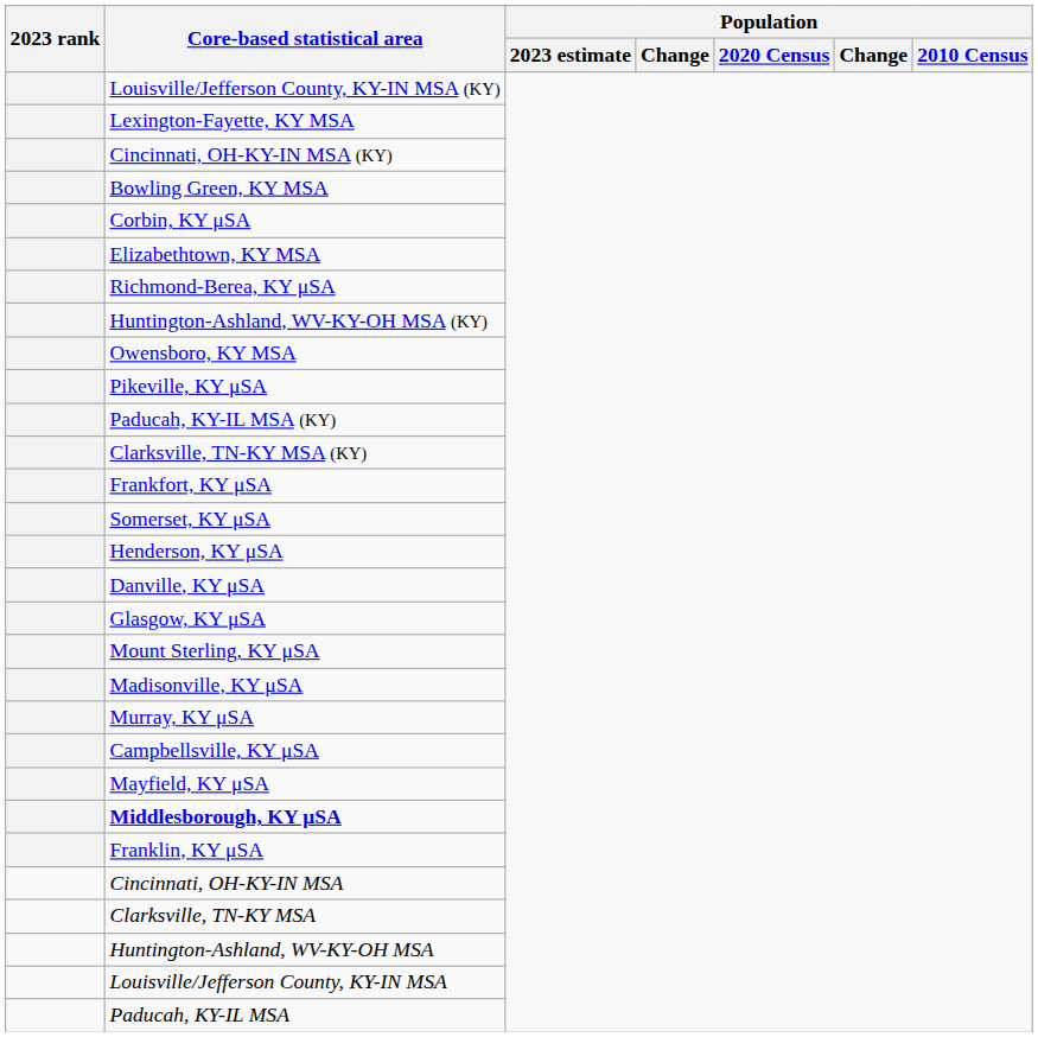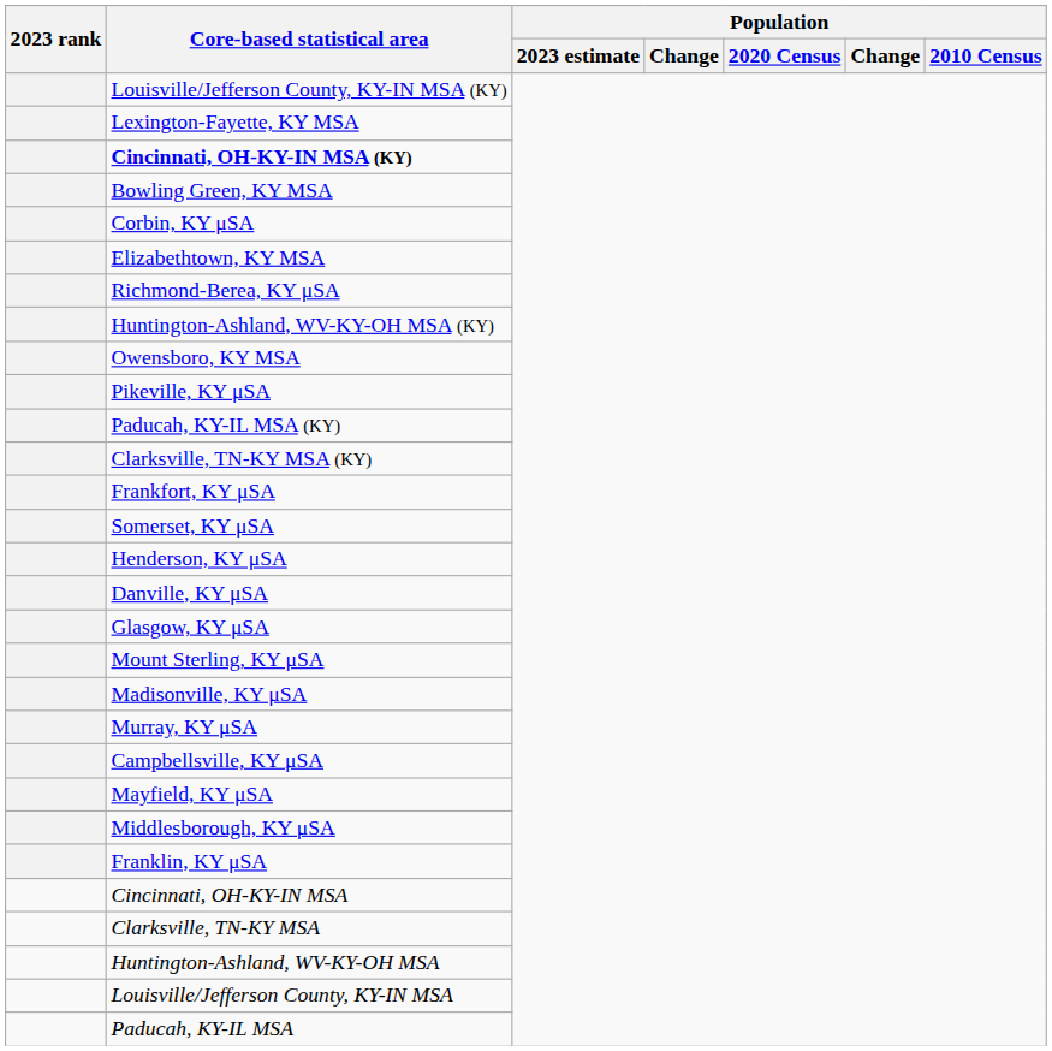 <table class="wikitable sortable">
 <tr>
 <th scope=col rowspan=2>2023 rank</th>
 <th scope=col rowspan=2><a href='#'>Core-based statistical area</a></th>
 <th colspan=5>Population</th>
 </tr>
 <tr>
 <th scope=col>2023 estimate</th>
 <th scope=col>Change</th>
 <th scope=col><a href='#'>2020 Census</a></th>
 <th scope=col>Change</th>
 <th scope=col><a href='#'>2010 Census</a></th>
 </tr>
 <tr>
 <th scope=row></th>
 <td><a href='#'>Louisville/Jefferson County, KY-IN MSA</a> <small>(KY)</small><br></td>
 </tr>
 <tr>
 <th scope=row></th>
 <td><a href='#'>Lexington-Fayette, KY MSA</a><br></td>
 </tr>
 <tr>
 <th scope=row></th>
-<td><a href='#'>Cincinnati, OH-KY-IN MSA</a> <small>(KY)</small><br></td>
+<td><strong><a href='#'>Cincinnati, OH-KY-IN MSA</a> <small>(KY)</small><br></strong></td>
 </tr>
 <tr>
 <th scope=row></th>
 <td><a href='#'>Bowling Green, KY MSA</a><br></td>
 </tr>
 <tr>
 <th scope=row></th>
 <td><a href='#'>Corbin, KY μSA</a><br></td>
 </tr>
 <tr>
 <th scope=row></th>
 <td><a href='#'>Elizabethtown, KY MSA</a><br></td>
 </tr>
 <tr>
 <th scope=row></th>
 <td><a href='#'>Richmond-Berea, KY μSA</a><br></td>
 </tr>
 <tr>
 <th scope=row></th>
 <td><a href='#'>Huntington-Ashland, WV-KY-OH MSA</a> <small>(KY)</small><br></td>
 </tr>
 <tr>
 <th scope=row></th>
 <td><a href='#'>Owensboro, KY MSA</a><br></td>
 </tr>
 <tr>
 <th scope=row></th>
 <td><a href='#'>Pikeville, KY μSA</a><br></td>
 </tr>
 <tr>
 <th scope=row></th>
 <td><a href='#'>Paducah, KY-IL MSA</a> <small>(KY)</small><br></td>
 </tr>
 <tr>
 <th scope=row></th>
 <td><a href='#'>Clarksville, TN-KY MSA</a> <small>(KY)</small><br></td>
 </tr>
 <tr>
 <th scope=row></th>
 <td><a href='#'>Frankfort, KY μSA</a><br></td>
 </tr>
 <tr>
 <th scope=row></th>
 <td><a href='#'>Somerset, KY μSA</a><br></td>
 </tr>
 <tr>
 <th scope=row></th>
 <td><a href='#'>Henderson, KY μSA</a><br></td>
 </tr>
 <tr>
 <th scope=row></th>
 <td><a href='#'>Danville, KY μSA</a><br></td>
 </tr>
 <tr>
 <th scope=row></th>
 <td><a href='#'>Glasgow, KY μSA</a><br></td>
 </tr>
 <tr>
 <th scope=row></th>
 <td><a href='#'>Mount Sterling, KY μSA</a><br></td>
 </tr>
 <tr>
 <th scope=row></th>
 <td><a href='#'>Madisonville, KY μSA</a><br></td>
 </tr>
 <tr>
 <th scope=row></th>
 <td><a href='#'>Murray, KY μSA</a><br></td>
 </tr>
 <tr>
 <th scope=row></th>
 <td><a href='#'>Campbellsville, KY μSA</a><br></td>
 </tr>
 <tr>
 <th scope=row></th>
 <td><a href='#'>Mayfield, KY μSA</a><br></td>
 </tr>
 <tr>
 <th scope=row></th>
-<td><strong><a href='#'>Middlesborough, KY μSA</a><br></strong></td>
+<td><a href='#'>Middlesborough, KY μSA</a><br></td>
 </tr>
 <tr>
 <th scope=row></th>
 <td><a href='#'>Franklin, KY μSA</a><br></td>
 </tr>
 <tr>
 <td></td>
 <td><em><span>Cincinnati, OH-KY-IN MSA</span></em><br></td>
 </tr>
 <tr>
 <td></td>
 <td><em><span>Clarksville, TN-KY MSA</span></em><br></td>
 </tr>
 <tr>
 <td></td>
 <td><em><span>Huntington-Ashland, WV-KY-OH MSA</span></em><br></td>
 </tr>
 <tr>
 <td></td>
 <td><em><span>Louisville/Jefferson County, KY-IN MSA</span></em><br></td>
 </tr>
 <tr>
 <td></td>
 <td><em><span>Paducah, KY-IL MSA</span></em><br></td>
 </tr>
 </table>
